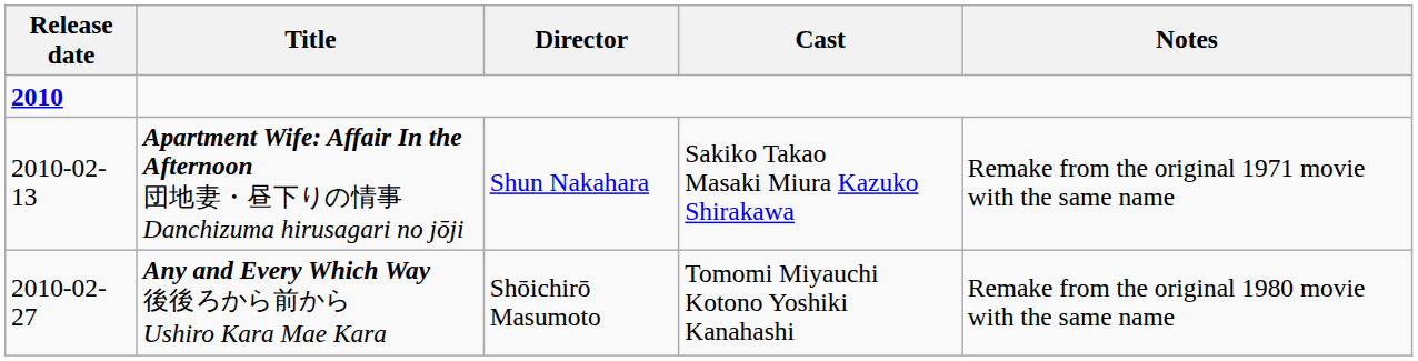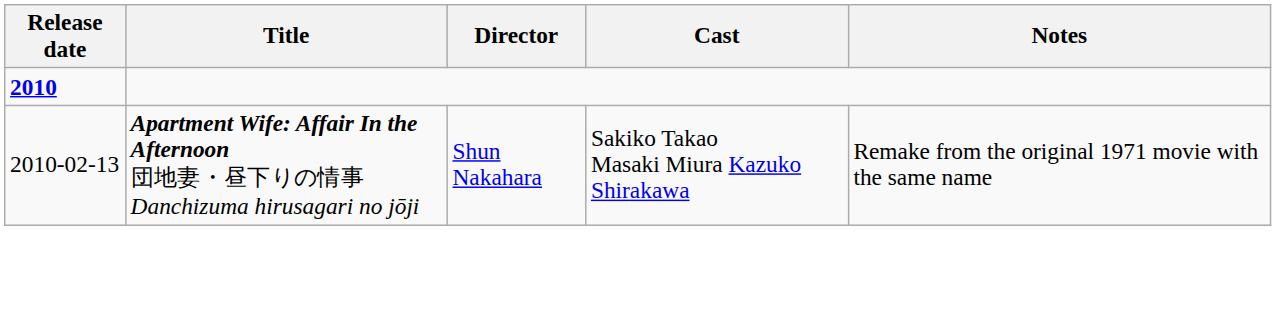 <table class="wikitable">
 <tr>
 <th>Release date</th>
 <th>Title</th>
 <th>Director</th>
 <th>Cast</th>
 <th>Notes</th>
 </tr>
 <tr>
 <td><strong><a href='#'>2010</a></strong></td>
 </tr>
 <tr>
 <td>2010-02-13</td>
 <td><strong><em>Apartment Wife: Affair In the Afternoon</em></strong><br>団地妻・昼下りの情事<br><em>Danchizuma hirusagari no jōji</em></td>
 <td><a href='#'>Shun Nakahara</a></td>
 <td>Sakiko Takao<br>Masaki Miura <a href='#'>Kazuko Shirakawa</a></td>
 <td>Remake from the original 1971 movie with the same name</td>
 </tr>
-<tr>
-<td>2010-02-27</td>
-<td><strong><em>Any and Every Which Way</em></strong><br>後後ろから前から<br><em>Ushiro Kara Mae Kara</em></td>
-<td>Shōichirō Masumoto</td>
-<td>Tomomi Miyauchi<br>Kotono Yoshiki Kanahashi</td>
-<td>Remake from the original 1980 movie with the same name</td>
-</tr>
 </table>
